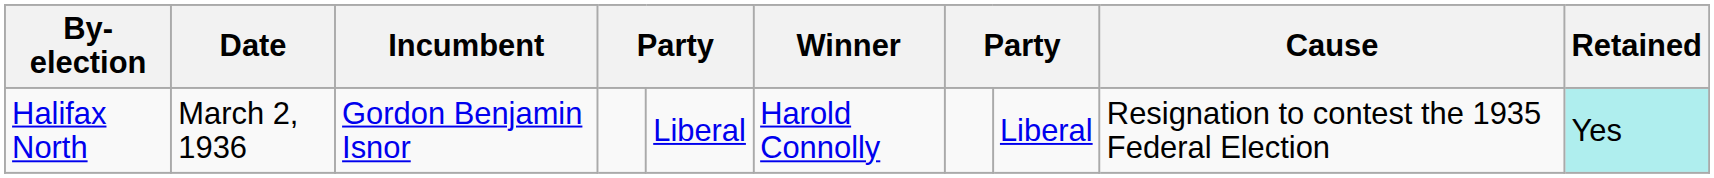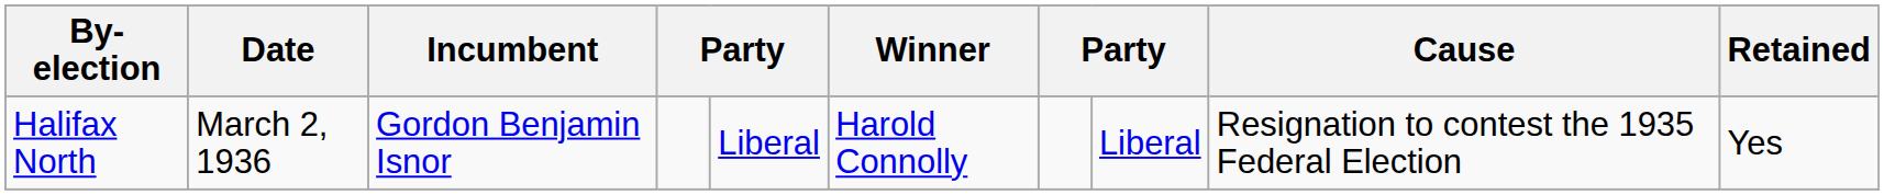 <table class=wikitable style="width:100%">
 <tr>
 <th>By-election</th>
 <th>Date</th>
 <th>Incumbent</th>
 <th colspan=2>Party</th>
 <th>Winner</th>
 <th colspan=2>Party</th>
 <th>Cause</th>
 <th>Retained</th>
 </tr>
 <tr>
 <td><a href='#'>Halifax North</a></td>
 <td>March 2, 1936</td>
 <td><a href='#'>Gordon Benjamin Isnor</a></td>
 <td>    </td>
 <td><a href='#'>Liberal</a></td>
 <td><a href='#'>Harold Connolly</a></td>
 <td>    </td>
 <td><a href='#'>Liberal</a></td>
 <td>Resignation to contest the 1935 Federal Election</td>
-<td style="background: paleturquoise;">Yes</td>
+<td>Yes</td>
 </tr>
 </table>
